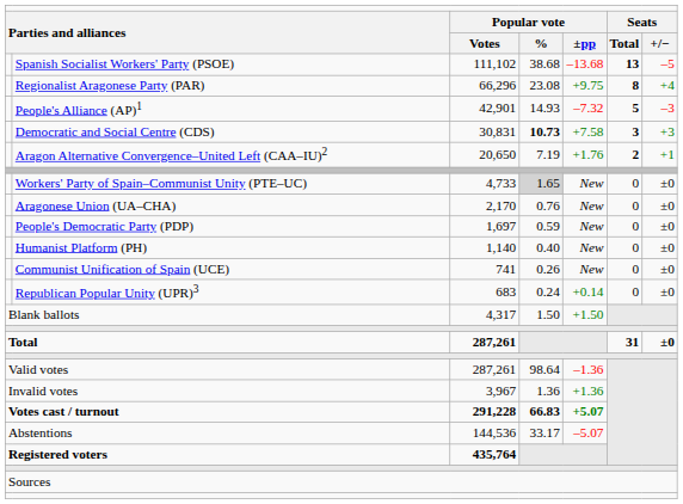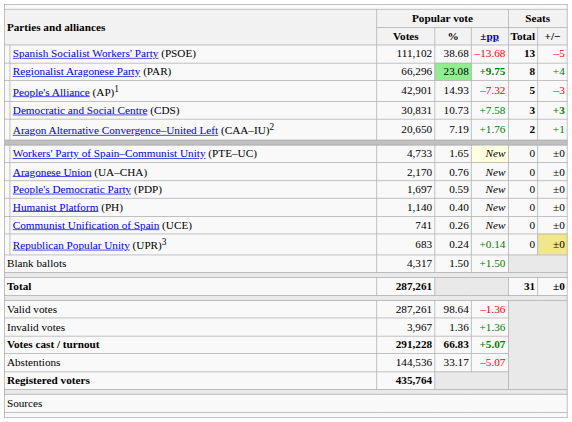 <table class="wikitable" style="text-align:right;">
 <tr>
 <td colspan="7"></td>
 </tr>
 <tr>
 <th style="text-align:left;" rowspan="2" colspan="2" width="525">Parties and alliances</th>
 <th colspan="3">Popular vote</th>
 <th colspan="2">Seats</th>
 </tr>
 <tr>
 <th width="75">Votes</th>
 <th width="45">%</th>
 <th width="45">±<a href='#'>pp</a></th>
 <th width="35">Total</th>
 <th width="35">+/−</th>
 </tr>
 <tr>
 <td width="1" style="color:inherit;background:"></td>
 <td align="left"><a href='#'>Spanish Socialist Workers' Party</a> (PSOE)</td>
 <td>111,102</td>
 <td>38.68</td>
 <td style="color:red;">–13.68</td>
 <td><strong>13</strong></td>
 <td style="color:red;">–5</td>
 </tr>
 <tr>
 <td style="color:inherit;background:"></td>
 <td align="left"><a href='#'>Regionalist Aragonese Party</a> (PAR)</td>
 <td>66,296</td>
-<td>23.08</td>
-<td style="color:green;">+9.75</td>
+<td style="background: lightgreen;">23.08</td>
+<td style="color:green;"><strong>+9.75</strong></td>
 <td><strong>8</strong></td>
 <td style="color:green;">+4</td>
 </tr>
 <tr>
 <td style="color:inherit;background:"></td>
 <td align="left"><a href='#'>People's Alliance</a> (AP)<sup>1</sup></td>
 <td>42,901</td>
 <td>14.93</td>
 <td style="color:red;">–7.32</td>
 <td><strong>5</strong></td>
 <td style="color:red;">–3</td>
 </tr>
 <tr>
 <td style="color:inherit;background:"></td>
 <td align="left"><a href='#'>Democratic and Social Centre</a> (CDS)</td>
 <td>30,831</td>
-<td><strong>10.73</strong></td>
+<td>10.73</td>
 <td style="color:green;">+7.58</td>
 <td><strong>3</strong></td>
-<td style="color:green;">+3</td>
+<td style="color:green;"><strong>+3</strong></td>
 </tr>
 <tr>
 <td style="color:inherit;background:"></td>
 <td align="left"><a href='#'>Aragon Alternative Convergence–United Left</a> (CAA–IU)<sup>2</sup></td>
 <td>20,650</td>
 <td>7.19</td>
 <td style="color:green;">+1.76</td>
 <td><strong>2</strong></td>
 <td style="color:green;">+1</td>
 </tr>
 <tr>
 <td colspan="7" bgcolor="#C0C0C0"></td>
 </tr>
 <tr>
 <td style="color:inherit;background:"></td>
 <td align="left"><a href='#'>Workers' Party of Spain–Communist Unity</a> (PTE–UC)</td>
 <td>4,733</td>
-<td style="background: lightgrey;">1.65</td>
-<td><em>New</em></td>
+<td>1.65</td>
+<td style="background: lightyellow;"><em>New</em></td>
 <td>0</td>
 <td>±0</td>
 </tr>
 <tr>
 <td style="color:inherit;background:"></td>
 <td align="left"><a href='#'>Aragonese Union</a> (UA–CHA)</td>
 <td>2,170</td>
 <td>0.76</td>
 <td><em>New</em></td>
 <td>0</td>
 <td>±0</td>
 </tr>
 <tr>
 <td style="color:inherit;background:"></td>
 <td align="left"><a href='#'>People's Democratic Party</a> (PDP)</td>
 <td>1,697</td>
 <td>0.59</td>
 <td><em>New</em></td>
 <td>0</td>
 <td>±0</td>
 </tr>
 <tr>
 <td style="color:inherit;background:"></td>
 <td align="left"><a href='#'>Humanist Platform</a> (PH)</td>
 <td>1,140</td>
 <td>0.40</td>
 <td><em>New</em></td>
 <td>0</td>
 <td>±0</td>
 </tr>
 <tr>
 <td style="color:inherit;background:"></td>
 <td align="left"><a href='#'>Communist Unification of Spain</a> (UCE)</td>
 <td>741</td>
 <td>0.26</td>
 <td><em>New</em></td>
 <td>0</td>
 <td>±0</td>
 </tr>
 <tr>
 <td style="color:inherit;background:"></td>
 <td align="left"><a href='#'>Republican Popular Unity</a> (UPR)<sup>3</sup></td>
 <td>683</td>
 <td>0.24</td>
 <td style="color:green;">+0.14</td>
 <td>0</td>
-<td>±0</td>
+<td style="background: khaki;">±0</td>
 </tr>
 <tr>
 <td align="left" colspan="2">Blank ballots</td>
 <td>4,317</td>
 <td>1.50</td>
 <td style="color:green;">+1.50</td>
 <td bgcolor="#E9E9E9" colspan="2"></td>
 </tr>
 <tr>
 <td colspan="7" bgcolor="#E9E9E9"></td>
 </tr>
 <tr style="font-weight:bold;">
 <td align="left" colspan="2">Total</td>
 <td>287,261</td>
 <td bgcolor="#E9E9E9" colspan="2"></td>
 <td>31</td>
 <td>±0</td>
 </tr>
 <tr>
 <td colspan="7" bgcolor="#E9E9E9"></td>
 </tr>
 <tr>
 <td align="left" colspan="2">Valid votes</td>
 <td>287,261</td>
 <td>98.64</td>
 <td style="color:red;">–1.36</td>
 <td bgcolor="#E9E9E9" colspan="2" rowspan="5"></td>
 </tr>
 <tr>
 <td align="left" colspan="2">Invalid votes</td>
 <td>3,967</td>
 <td>1.36</td>
 <td style="color:green;">+1.36</td>
 </tr>
 <tr style="font-weight:bold;">
 <td align="left" colspan="2">Votes cast / turnout</td>
 <td>291,228</td>
 <td>66.83</td>
 <td style="color:green;">+5.07</td>
 </tr>
 <tr>
 <td align="left" colspan="2">Abstentions</td>
 <td>144,536</td>
 <td>33.17</td>
 <td style="color:red;">–5.07</td>
 </tr>
 <tr style="font-weight:bold;">
 <td align="left" colspan="2">Registered voters</td>
 <td>435,764</td>
 <td bgcolor="#E9E9E9" colspan="2"></td>
 </tr>
 <tr>
 <td colspan="7" bgcolor="#E9E9E9"></td>
 </tr>
 <tr>
 <td align="left" colspan="7">Sources</td>
 </tr>
 <tr>
 <td colspan="7" style="text-align:left; max-width:790px;"></td>
 </tr>
 </table>
